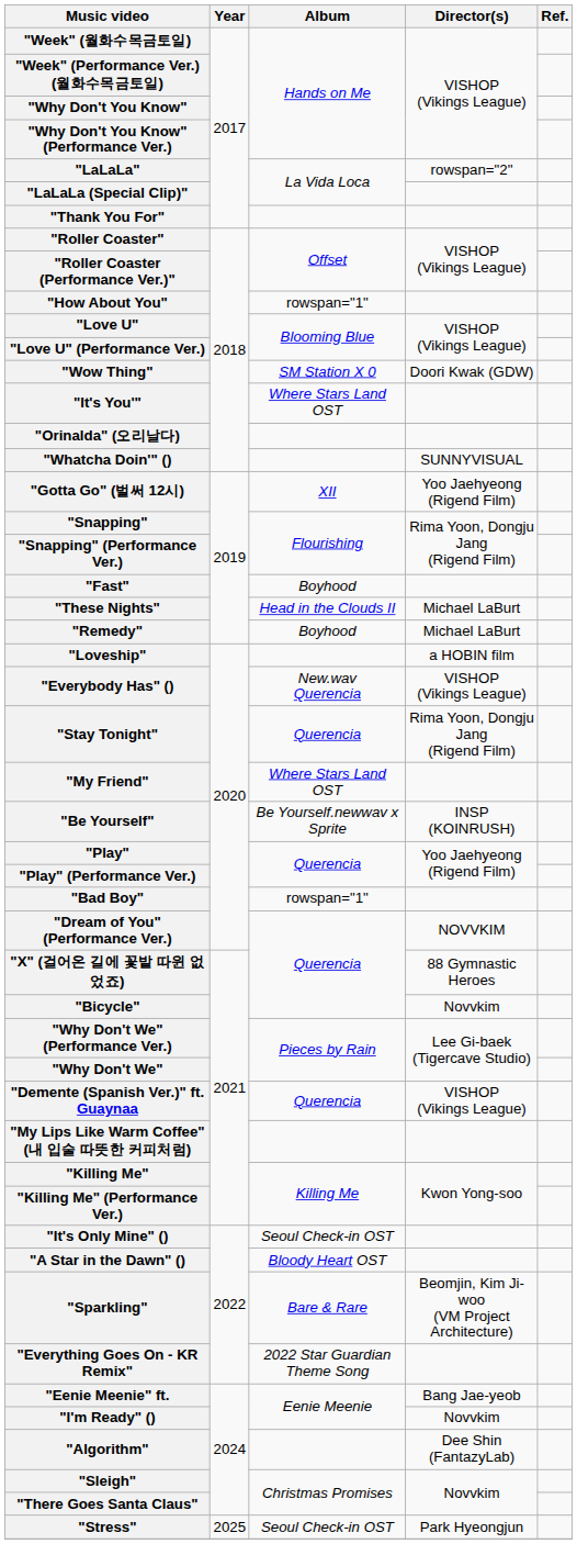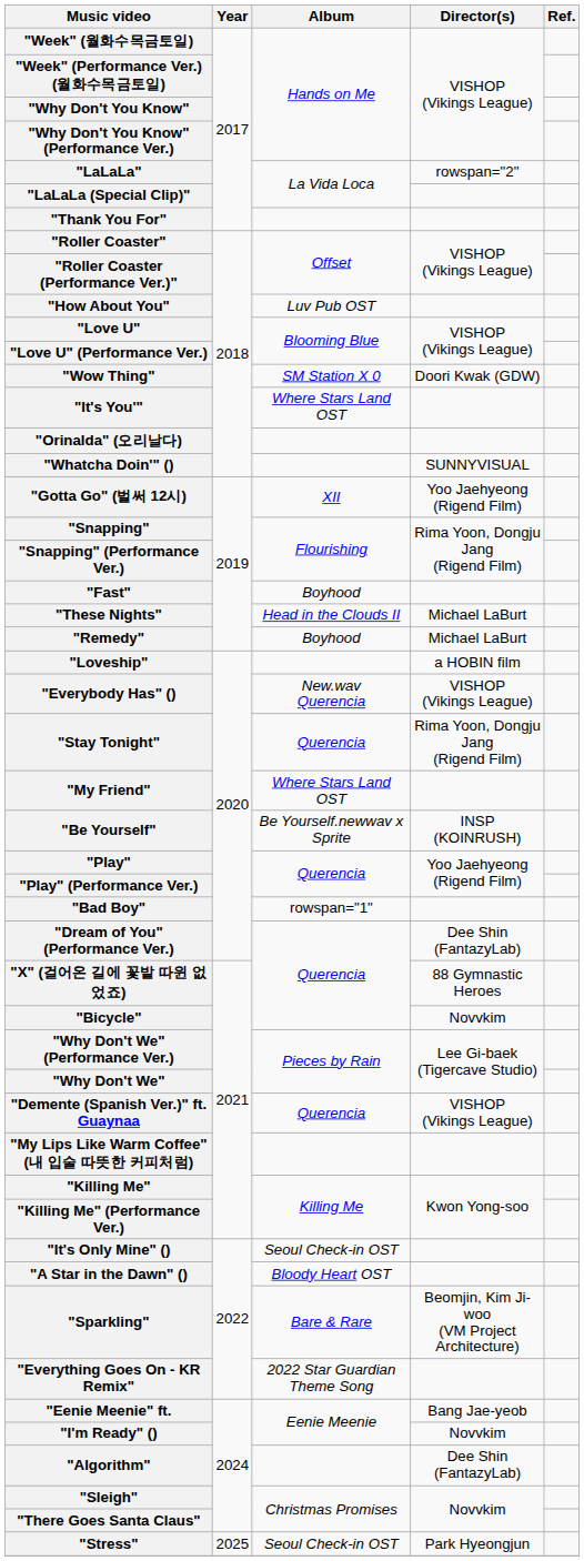 <table class="wikitable plainrowheaders" style="text-align:center; table-layout:fixed; margin-right:0">
 <tr>
 <th>Music video</th>
 <th>Year</th>
 <th>Album</th>
 <th>Director(s)</th>
 <th>Ref.</th>
 </tr>
 <tr>
 <th scope="row">"Week" (월화수목금토일)</th>
 <td rowspan="7">2017</td>
 <td rowspan="4"><em><a href='#'>Hands on Me</a></em></td>
 <td rowspan="4">VISHOP <br>(Vikings League)</td>
 <td></td>
 </tr>
 <tr>
 <th scope="row">"Week" (Performance Ver.) (월화수목금토일)</th>
 <td></td>
 </tr>
 <tr>
 <th scope="row">"Why Don't You Know"</th>
 <td></td>
 </tr>
 <tr>
 <th scope="row">"Why Don't You Know" (Performance Ver.)</th>
 <td></td>
 </tr>
 <tr>
 <th scope="row">"LaLaLa"<br></th>
 <td rowspan="2"><em>La Vida Loca</em></td>
 <td>rowspan="2" </td>
 <td></td>
 </tr>
 <tr>
 <th scope="row">"LaLaLa (Special Clip)"<br></th>
 <td></td>
 </tr>
 <tr>
 <th scope="row">"Thank You For"</th>
 <td></td>
 <td></td>
 <td></td>
 </tr>
 <tr>
 <th scope="row">"Roller Coaster"</th>
 <td rowspan="9">2018</td>
 <td rowspan="2"><em><a href='#'>Offset</a></em></td>
 <td rowspan="2">VISHOP <br>(Vikings League)</td>
 <td></td>
 </tr>
 <tr>
 <th scope="row">"Roller Coaster (Performance Ver.)"</th>
 <td></td>
 </tr>
 <tr>
 <th scope="row">"How About You"</th>
-<td>rowspan="1" </td>
+<td><em>Luv Pub OST</em></td>
 <td></td>
 <td></td>
 </tr>
 <tr>
 <th scope="row">"Love U"</th>
 <td rowspan="2"><em><a href='#'>Blooming Blue</a></em></td>
 <td rowspan="2">VISHOP <br>(Vikings League)</td>
 <td></td>
 </tr>
 <tr>
 <th scope="row">"Love U" (Performance Ver.)</th>
 <td></td>
 </tr>
 <tr>
 <th scope="row">"Wow Thing"<br></th>
 <td><em><a href='#'>SM Station X 0</a></em></td>
 <td>Doori Kwak (GDW)</td>
 <td></td>
 </tr>
 <tr>
 <th scope="row">"It's You'"</th>
 <td><em><a href='#'>Where Stars Land</a> OST</em></td>
 <td></td>
 <td></td>
 </tr>
 <tr>
 <th scope="row">"Orinalda" (오리날다)<br></th>
 <td></td>
 <td></td>
 <td></td>
 </tr>
 <tr>
 <th scope="row">"Whatcha Doin'" ()<br></th>
 <td></td>
 <td>SUNNYVISUAL</td>
 <td></td>
 </tr>
 <tr>
 <th scope="row">"Gotta Go" (벌써 12시)</th>
 <td rowspan="6">2019</td>
 <td><em><a href='#'>XII</a></em></td>
 <td>Yoo Jaehyeong<br>(Rigend Film)</td>
 <td></td>
 </tr>
 <tr>
 <th scope="row">"Snapping"</th>
 <td rowspan="2"><em><a href='#'>Flourishing</a></em></td>
 <td rowspan="2">Rima Yoon, Dongju Jang<br>(Rigend Film)</td>
 <td></td>
 </tr>
 <tr>
 <th scope="row">"Snapping" (Performance Ver.)</th>
 <td></td>
 </tr>
 <tr>
 <th scope="row">"Fast"</th>
 <td><em>Boyhood</em></td>
 <td></td>
 <td></td>
 </tr>
 <tr>
 <th scope="row">"These Nights"<br></th>
 <td><em><a href='#'>Head in the Clouds II</a></em></td>
 <td>Michael LaBurt</td>
 <td></td>
 </tr>
 <tr>
 <th scope="row">"Remedy"<br></th>
 <td><em>Boyhood</em></td>
 <td>Michael LaBurt</td>
 <td></td>
 </tr>
 <tr>
 <th scope="row">"Loveship"<br></th>
 <td rowspan="9">2020</td>
 <td></td>
 <td>a HOBIN film</td>
 <td></td>
 </tr>
 <tr>
 <th scope="row">"Everybody Has" ()</th>
 <td><em>New.wav</em><br><em><a href='#'>Querencia</a></em></td>
 <td>VISHOP <br>(Vikings League)</td>
 <td></td>
 </tr>
 <tr>
 <th scope="row">"Stay Tonight"</th>
 <td><em><a href='#'>Querencia</a></em></td>
 <td>Rima Yoon, Dongju Jang<br>(Rigend Film)</td>
 <td></td>
 </tr>
 <tr>
 <th scope="row">"My Friend"<br></th>
 <td><em><a href='#'>Where Stars Land</a> OST</em></td>
 <td></td>
 <td></td>
 </tr>
 <tr>
 <th scope="row">"Be Yourself"</th>
 <td><em>Be Yourself.newwav x Sprite</em></td>
 <td>INSP<br>(KOINRUSH)</td>
 <td></td>
 </tr>
 <tr>
 <th scope="row">"Play"<br></th>
 <td rowspan="2"><em><a href='#'>Querencia</a></em></td>
 <td rowspan="2">Yoo Jaehyeong<br>(Rigend Film)</td>
 <td></td>
 </tr>
 <tr>
 <th scope="row">"Play" (Performance Ver.)<br></th>
 <td></td>
 </tr>
 <tr>
 <th scope="row">"Bad Boy"<br></th>
 <td>rowspan="1" </td>
 <td></td>
 <td></td>
 </tr>
 <tr>
 <th scope="row">"Dream of You" (Performance Ver.)<br></th>
 <td rowspan="3"><em><a href='#'>Querencia</a></em></td>
-<td>NOVVKIM</td>
+<td>Dee Shin<br>(FantazyLab)</td>
 <td></td>
 </tr>
 <tr>
 <th scope="row">"X" (걸어온 길에 꽃밭 따윈 없었죠)</th>
 <td rowspan="8">2021</td>
 <td>88 Gymnastic Heroes</td>
 <td></td>
 </tr>
 <tr>
 <th scope="row">"Bicycle"</th>
 <td>Novvkim</td>
 <td></td>
 </tr>
 <tr>
 <th scope="row">"Why Don't We" (Performance Ver.)<br></th>
 <td rowspan="2"><em><a href='#'>Pieces by Rain</a></em></td>
 <td rowspan="2">Lee Gi-baek<br>(Tigercave Studio)</td>
 <td></td>
 </tr>
 <tr>
 <th scope="row">"Why Don't We"<br></th>
 <td></td>
 </tr>
 <tr>
 <th scope="row">"Demente (Spanish Ver.)" ft. <a href='#'>Guaynaa</a></th>
 <td><em><a href='#'>Querencia</a></em></td>
 <td>VISHOP <br>(Vikings League)</td>
 <td></td>
 </tr>
 <tr>
 <th scope="row">"My Lips Like Warm Coffee" (내 입술 따뜻한 커피처럼)<br></th>
 <td></td>
 <td></td>
 <td></td>
 </tr>
 <tr>
 <th scope="row">"Killing Me"</th>
 <td rowspan="2"><em><a href='#'>Killing Me</a></em></td>
 <td rowspan="2">Kwon Yong-soo</td>
 <td></td>
 </tr>
 <tr>
 <th scope="row">"Killing Me" (Performance Ver.)</th>
 <td></td>
 </tr>
 <tr>
 <th scope="row">"It's Only Mine" ()</th>
 <td rowspan="4">2022</td>
 <td><em>Seoul Check-in OST</em></td>
 <td></td>
 <td></td>
 </tr>
 <tr>
 <th scope="row">"A Star in the Dawn" ()</th>
 <td><em><a href='#'>Bloody Heart</a> OST</em></td>
 <td></td>
 <td></td>
 </tr>
 <tr>
 <th scope="row">"Sparkling"</th>
 <td><em><a href='#'>Bare & Rare</a></em></td>
 <td>Beomjin, Kim Ji-woo<br>(VM Project Architecture)</td>
 <td></td>
 </tr>
 <tr>
 <th scope="row">"Everything Goes On - KR Remix"</th>
 <td><em>2022 Star Guardian Theme Song</em></td>
 <td></td>
 <td></td>
 </tr>
 <tr>
 <th scope="row">"Eenie Meenie" ft. </th>
 <td rowspan="5">2024</td>
 <td rowspan="2"><em>Eenie Meenie</em></td>
 <td>Bang Jae-yeob</td>
 <td></td>
 </tr>
 <tr>
 <th scope="row">"I'm Ready" ()</th>
 <td>Novvkim</td>
 <td></td>
 </tr>
 <tr>
 <th scope="row">"Algorithm"</th>
 <td></td>
 <td>Dee Shin<br>(FantazyLab)</td>
 <td></td>
 </tr>
 <tr>
 <th scope="row">"Sleigh"</th>
 <td rowspan="2"><em>Christmas Promises</em></td>
 <td rowspan="2">Novvkim</td>
 <td></td>
 </tr>
 <tr>
 <th scope="row">"There Goes Santa Claus"</th>
 <td></td>
 </tr>
 <tr>
 <th scope="row">"Stress"</th>
 <td>2025</td>
 <td><em>Seoul Check-in OST</em></td>
 <td>Park Hyeongjun</td>
 <td></td>
 </tr>
 <tr>
 </tr>
 </table>
